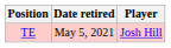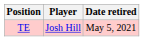 <table class="wikitable" style="text-align:center">
 <tr>
 <th>Position</th>
+<th>Player</th>
 <th>Date retired</th>
-<th>Player</th>
 </tr>
 <tr style="background:#fcc">
 <td><a href='#'>TE</a></td>
+<td><a href='#'>Josh Hill</a></td>
 <td>May 5, 2021</td>
-<td><a href='#'>Josh Hill</a></td>
 </tr>
 </table>
